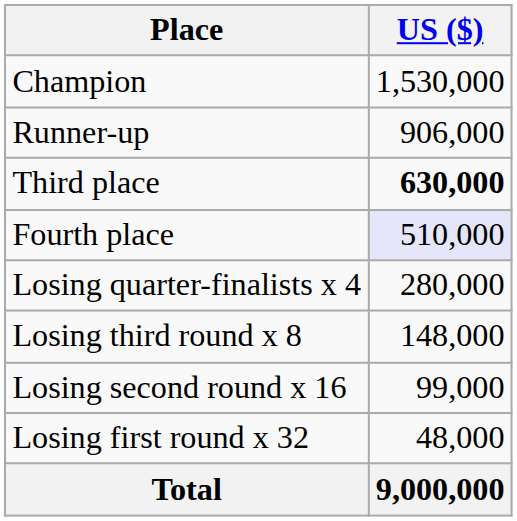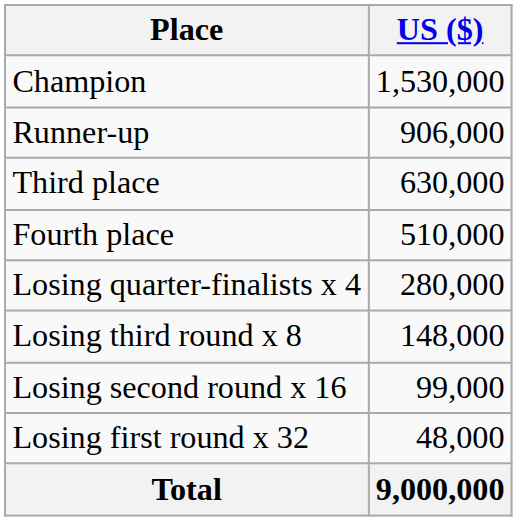 <table class="wikitable">
 <tr>
 <th>Place</th>
 <th><a href='#'>US ($)</a></th>
 </tr>
 <tr>
 <td>Champion</td>
 <td align=right>1,530,000</td>
 </tr>
 <tr>
 <td>Runner-up</td>
 <td align=right>906,000</td>
 </tr>
 <tr>
 <td>Third place</td>
-<td align=right><strong>630,000</strong></td>
+<td align=right>630,000</td>
 </tr>
 <tr>
 <td>Fourth place</td>
-<td align=right style="background: lavender;">510,000</td>
+<td align=right>510,000</td>
 </tr>
 <tr>
 <td>Losing quarter-finalists x 4</td>
 <td align=right>280,000</td>
 </tr>
 <tr>
 <td>Losing third round x 8</td>
 <td align=right>148,000</td>
 </tr>
 <tr>
 <td>Losing second round x 16</td>
 <td align=right>99,000</td>
 </tr>
 <tr>
 <td>Losing first round x 32</td>
 <td align=right>48,000</td>
 </tr>
 <tr>
 <th>Total</th>
 <th>9,000,000</th>
 </tr>
 </table>
